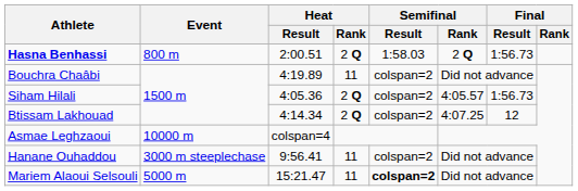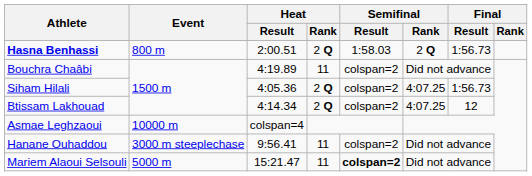 <table class=wikitable style="font-size:90%">
 <tr>
 <th rowspan="2">Athlete</th>
 <th rowspan="2">Event</th>
 <th colspan="2">Heat</th>
 <th colspan="2">Semifinal</th>
 <th colspan="2">Final</th>
 </tr>
 <tr style="font-size:95%">
 <th>Result</th>
 <th>Rank</th>
 <th>Result</th>
 <th>Rank</th>
 <th>Result</th>
 <th>Rank</th>
 </tr>
 <tr align=center>
 <td align=left><strong><a href='#'>Hasna Benhassi</a></strong></td>
 <td align=left><a href='#'>800 m</a></td>
 <td>2:00.51</td>
 <td>2 <strong>Q</strong></td>
 <td>1:58.03</td>
 <td>2 <strong>Q</strong></td>
 <td>1:56.73</td>
 <td></td>
 </tr>
 <tr align=center>
 <td align=left><a href='#'>Bouchra Chaâbi</a></td>
 <td align=left rowspan=3><a href='#'>1500 m</a></td>
 <td>4:19.89</td>
 <td>11</td>
 <td>colspan=2 </td>
 <td colspan=2>Did not advance</td>
 </tr>
 <tr align=center>
 <td align=left><a href='#'>Siham Hilali</a></td>
 <td>4:05.36</td>
 <td>2 <strong>Q</strong></td>
 <td>colspan=2 </td>
-<td>4:05.57</td>
+<td>4:07.25</td>
 <td>1:56.73</td>
 </tr>
 <tr align=center>
 <td align=left><a href='#'>Btissam Lakhouad</a></td>
 <td>4:14.34</td>
 <td>2 <strong>Q</strong></td>
 <td>colspan=2 </td>
 <td>4:07.25</td>
 <td>12</td>
 </tr>
 <tr align=center>
 <td align=left><a href='#'>Asmae Leghzaoui</a></td>
 <td align=left><a href='#'>10000 m</a></td>
 <td>colspan=4 </td>
 <td colspan=2></td>
 </tr>
 <tr align=center>
 <td align=left><a href='#'>Hanane Ouhaddou</a></td>
 <td align=left><a href='#'>3000 m steeplechase</a></td>
 <td>9:56.41</td>
 <td>11</td>
 <td>colspan=2 </td>
 <td colspan=2>Did not advance</td>
 </tr>
 <tr align=center>
 <td align=left><a href='#'>Mariem Alaoui Selsouli</a></td>
 <td align=left><a href='#'>5000 m</a></td>
 <td>15:21.47</td>
 <td>11</td>
 <td><strong>colspan=2 </strong></td>
 <td colspan=2>Did not advance</td>
 </tr>
 </table>
